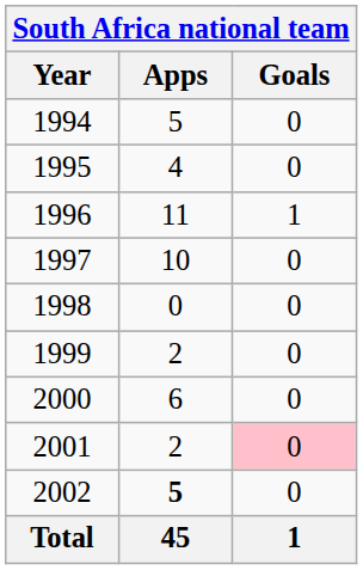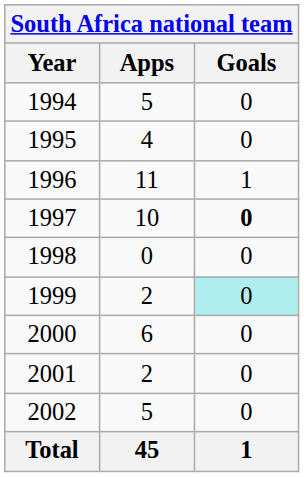 <table class="wikitable" style="text-align:center">
 <tr>
 <th colspan=3><a href='#'>South Africa national team</a></th>
 </tr>
 <tr>
 <th>Year</th>
 <th>Apps</th>
 <th>Goals</th>
 </tr>
 <tr>
 <td>1994</td>
 <td>5</td>
 <td>0</td>
 </tr>
 <tr>
 <td>1995</td>
 <td>4</td>
 <td>0</td>
 </tr>
 <tr>
 <td>1996</td>
 <td>11</td>
 <td>1</td>
 </tr>
 <tr>
 <td>1997</td>
 <td>10</td>
-<td>0</td>
+<td><strong>0</strong></td>
 </tr>
 <tr>
 <td>1998</td>
 <td>0</td>
 <td>0</td>
 </tr>
 <tr>
 <td>1999</td>
 <td>2</td>
-<td>0</td>
+<td style="background: paleturquoise;">0</td>
 </tr>
 <tr>
 <td>2000</td>
 <td>6</td>
 <td>0</td>
 </tr>
 <tr>
 <td>2001</td>
 <td>2</td>
-<td style="background: pink;">0</td>
+<td>0</td>
 </tr>
 <tr>
 <td>2002</td>
-<td><strong>5</strong></td>
+<td>5</td>
 <td>0</td>
 </tr>
 <tr>
 <th>Total</th>
 <th>45</th>
 <th>1</th>
 </tr>
 </table>
